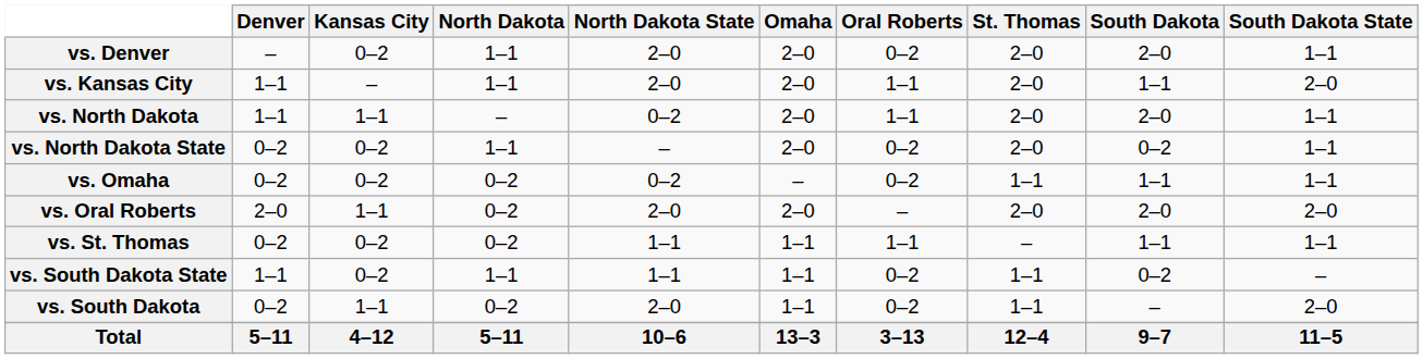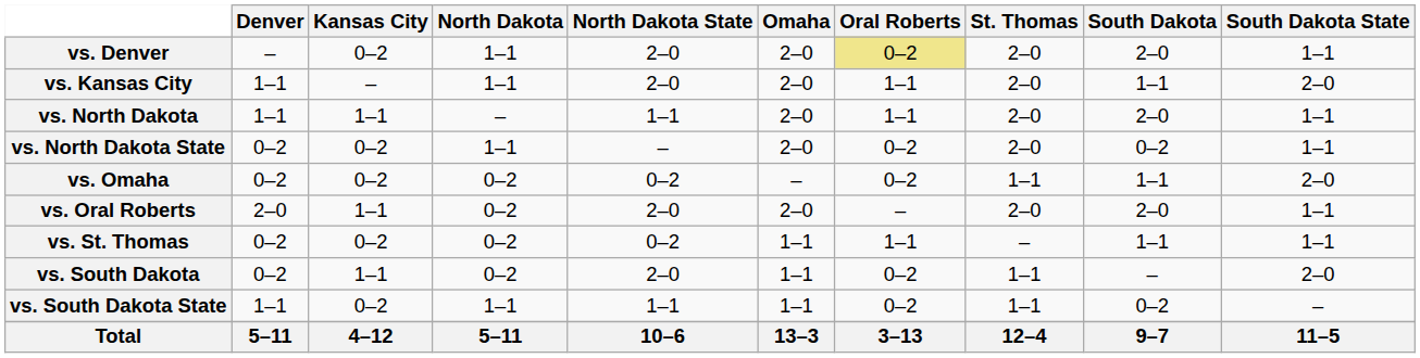 <table class="wikitable" style="white-space:nowrap;font-size:90%;">
 <tr>
 <th colspan=1 style="background:white; border-top-style:hidden; border-left-style:hidden;"   width=110> </th>
 <th>Denver</th>
 <th>Kansas City</th>
 <th>North Dakota</th>
 <th>North Dakota State</th>
 <th>Omaha</th>
 <th>Oral Roberts</th>
 <th>St. Thomas</th>
 <th>South Dakota</th>
 <th>South Dakota State</th>
 </tr>
 <tr style="text-align:center;">
 <th>vs. Denver</th>
 <td>–</td>
 <td>0–2</td>
 <td>1–1</td>
 <td>2–0</td>
 <td>2–0</td>
-<td>0–2</td>
+<td style="background: khaki;">0–2</td>
 <td>2–0</td>
 <td>2–0</td>
 <td>1–1</td>
 </tr>
 <tr style="text-align:center;">
 <th>vs. Kansas City</th>
 <td>1–1</td>
 <td>–</td>
 <td>1–1</td>
 <td>2–0</td>
 <td>2–0</td>
 <td>1–1</td>
 <td>2–0</td>
 <td>1–1</td>
 <td>2–0</td>
 </tr>
 <tr style="text-align:center;">
 <th>vs. North Dakota</th>
 <td>1–1</td>
 <td>1–1</td>
 <td>–</td>
-<td>0–2</td>
+<td>1–1</td>
 <td>2–0</td>
 <td>1–1</td>
 <td>2–0</td>
 <td>2–0</td>
 <td>1–1</td>
 </tr>
 <tr style="text-align:center;">
 <th>vs. North Dakota State</th>
 <td>0–2</td>
 <td>0–2</td>
 <td>1–1</td>
 <td>–</td>
 <td>2–0</td>
 <td>0–2</td>
 <td>2–0</td>
 <td>0–2</td>
 <td>1–1</td>
 </tr>
 <tr style="text-align:center;">
 <th>vs. Omaha</th>
 <td>0–2</td>
 <td>0–2</td>
 <td>0–2</td>
 <td>0–2</td>
 <td>–</td>
 <td>0–2</td>
 <td>1–1</td>
 <td>1–1</td>
-<td>1–1</td>
+<td>2–0</td>
 </tr>
 <tr style="text-align:center;">
 <th>vs. Oral Roberts</th>
 <td>2–0</td>
 <td>1–1</td>
 <td>0–2</td>
 <td>2–0</td>
 <td>2–0</td>
 <td>–</td>
 <td>2–0</td>
 <td>2–0</td>
-<td>2–0</td>
+<td>1–1</td>
 </tr>
 <tr style="text-align:center;">
 <th>vs. St. Thomas</th>
 <td>0–2</td>
 <td>0–2</td>
 <td>0–2</td>
-<td>1–1</td>
+<td>0–2</td>
 <td>1–1</td>
 <td>1–1</td>
 <td>–</td>
 <td>1–1</td>
 <td>1–1</td>
+</tr>
+<tr style="text-align:center;">
+<th>vs. South Dakota</th>
+<td>0–2</td>
+<td>1–1</td>
+<td>0–2</td>
+<td>2–0</td>
+<td>1–1</td>
+<td>0–2</td>
+<td>1–1</td>
+<td>–</td>
+<td>2–0</td>
 </tr>
 <tr style="text-align:center;">
 <th>vs. South Dakota State</th>
 <td>1–1</td>
 <td>0–2</td>
 <td>1–1</td>
 <td>1–1</td>
 <td>1–1</td>
 <td>0–2</td>
 <td>1–1</td>
 <td>0–2</td>
 <td>–</td>
-</tr>
-<tr style="text-align:center;">
-<th>vs. South Dakota</th>
-<td>0–2</td>
-<td>1–1</td>
-<td>0–2</td>
-<td>2–0</td>
-<td>1–1</td>
-<td>0–2</td>
-<td>1–1</td>
-<td>–</td>
-<td>2–0</td>
 </tr>
 <tr style="text-align:center;">
 </tr>
 <tr style="text-align:center;">
 <th>Total</th>
 <th>5–11</th>
 <th>4–12</th>
 <th>5–11</th>
 <th>10–6</th>
 <th>13–3</th>
 <th>3–13</th>
 <th>12–4</th>
 <th>9–7</th>
 <th>11–5</th>
 </tr>
 </table>
